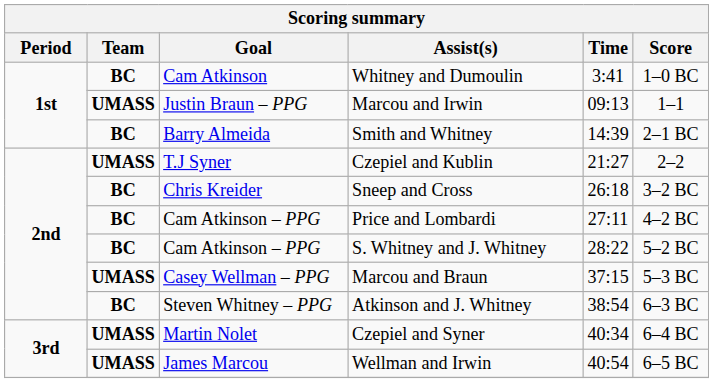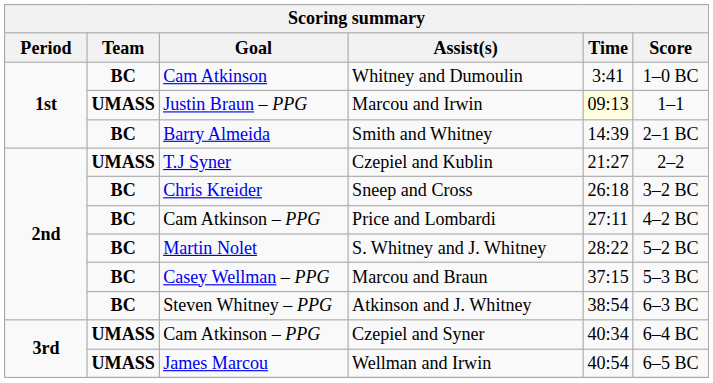 <table style="width:100%;" class="wikitable">
 <tr>
 <th colspan=6>Scoring summary</th>
 </tr>
 <tr>
 <th style="width:12%;">Period</th>
 <th style="width:7%;">Team</th>
 <th style="width:28%;">Goal</th>
 <th style="width:35%;">Assist(s)</th>
 <th style="width:7%;">Time</th>
 <th style="width:11%;">Score</th>
 </tr>
 <tr>
 <td style="text-align:center;" rowspan="3"><strong>1st</strong></td>
 <td align=center><strong>BC</strong></td>
 <td><a href='#'>Cam Atkinson</a></td>
 <td>Whitney and Dumoulin</td>
 <td align=center>3:41</td>
 <td align=center>1–0 BC</td>
 </tr>
 <tr>
 <td align=center><strong>UMASS</strong></td>
 <td><a href='#'>Justin Braun</a> – <em>PPG</em></td>
 <td>Marcou and Irwin</td>
-<td align=center>09:13</td>
+<td align=center style="background: lightyellow;">09:13</td>
 <td align=center>1–1</td>
 </tr>
 <tr>
 <td align=center><strong>BC</strong></td>
 <td><a href='#'>Barry Almeida</a></td>
 <td>Smith and Whitney</td>
 <td align=center>14:39</td>
 <td align=center>2–1 BC</td>
 </tr>
 <tr>
 <td style="text-align:center;" rowspan="6"><strong>2nd</strong></td>
 <td align=center><strong>UMASS</strong></td>
 <td><a href='#'>T.J Syner</a></td>
 <td>Czepiel and Kublin</td>
 <td align=center>21:27</td>
 <td align=center>2–2</td>
 </tr>
 <tr>
 <td align=center><strong>BC</strong></td>
 <td><a href='#'>Chris Kreider</a></td>
 <td>Sneep and Cross</td>
 <td align=center>26:18</td>
 <td align=center>3–2 BC</td>
 </tr>
 <tr>
 <td align=center><strong>BC</strong></td>
 <td>Cam Atkinson – <em>PPG</em></td>
 <td>Price and Lombardi</td>
 <td align=center>27:11</td>
 <td align=center>4–2 BC</td>
 </tr>
 <tr>
 <td align=center><strong>BC</strong></td>
-<td>Cam Atkinson – <em>PPG</em></td>
+<td><a href='#'>Martin Nolet</a></td>
 <td>S. Whitney and J. Whitney</td>
 <td align=center>28:22</td>
 <td align=center>5–2 BC</td>
 </tr>
 <tr>
-<td align=center><strong>UMASS</strong></td>
+<td align=center><strong>BC</strong></td>
 <td><a href='#'>Casey Wellman</a> – <em>PPG</em></td>
 <td>Marcou and Braun</td>
 <td align=center>37:15</td>
 <td align=center>5–3 BC</td>
 </tr>
 <tr>
 <td align=center><strong>BC</strong></td>
 <td>Steven Whitney – <em>PPG</em></td>
 <td>Atkinson and J. Whitney</td>
 <td align=center>38:54</td>
 <td align=center>6–3 BC</td>
 </tr>
 <tr>
 <td style="text-align:center;" rowspan="4"><strong>3rd</strong></td>
 <td align=center><strong>UMASS</strong></td>
-<td><a href='#'>Martin Nolet</a></td>
+<td>Cam Atkinson – <em>PPG</em></td>
 <td>Czepiel and Syner</td>
 <td align=center>40:34</td>
 <td align=center>6–4 BC</td>
 </tr>
 <tr>
 <td align=center><strong>UMASS</strong></td>
 <td><a href='#'>James Marcou</a></td>
 <td>Wellman and Irwin</td>
 <td align=center>40:54</td>
 <td align=center>6–5 BC</td>
 </tr>
 <tr>
 </tr>
 </table>
